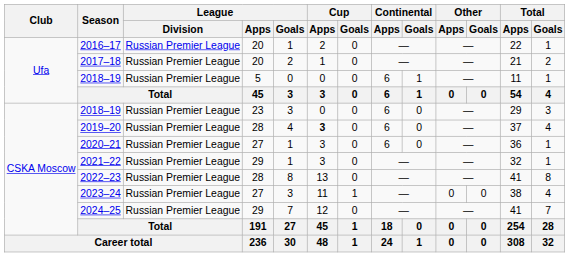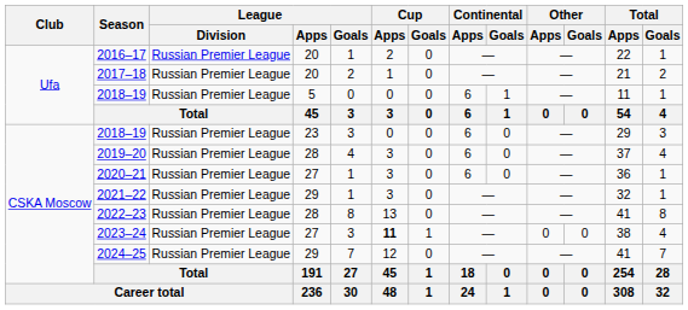 <table class="wikitable" style="text-align: center;">
 <tr>
 <th rowspan=2>Club</th>
 <th rowspan=2>Season</th>
 <th colspan=3>League</th>
 <th colspan=2>Cup</th>
 <th colspan=2>Continental</th>
 <th colspan=2>Other</th>
 <th colspan=2>Total</th>
 </tr>
 <tr>
 <th>Division</th>
 <th>Apps</th>
 <th>Goals</th>
 <th>Apps</th>
 <th>Goals</th>
 <th>Apps</th>
 <th>Goals</th>
 <th>Apps</th>
 <th>Goals</th>
 <th>Apps</th>
 <th>Goals</th>
 </tr>
 <tr>
 <td rowspan=4><a href='#'>Ufa</a></td>
 <td><a href='#'>2016–17</a></td>
 <td><a href='#'>Russian Premier League</a></td>
 <td>20</td>
 <td>1</td>
 <td>2</td>
 <td>0</td>
 <td colspan=2>—</td>
 <td colspan=2>—</td>
 <td>22</td>
 <td>1</td>
 </tr>
 <tr>
 <td><a href='#'>2017–18</a></td>
 <td>Russian Premier League</td>
 <td>20</td>
 <td>2</td>
 <td>1</td>
 <td>0</td>
 <td colspan=2>—</td>
 <td colspan=2>—</td>
 <td>21</td>
 <td>2</td>
 </tr>
 <tr>
 <td><a href='#'>2018–19</a></td>
 <td>Russian Premier League</td>
 <td>5</td>
 <td>0</td>
 <td>0</td>
 <td>0</td>
 <td>6</td>
 <td>1</td>
 <td colspan=2>—</td>
 <td>11</td>
 <td>1</td>
 </tr>
 <tr>
 <th colspan=2>Total</th>
 <th>45</th>
 <th>3</th>
 <th>3</th>
 <th>0</th>
 <th>6</th>
 <th>1</th>
 <th>0</th>
 <th>0</th>
 <th>54</th>
 <th>4</th>
 </tr>
 <tr>
 <td rowspan="8"><a href='#'>CSKA Moscow</a></td>
 <td><a href='#'>2018–19</a></td>
 <td>Russian Premier League</td>
 <td>23</td>
 <td>3</td>
 <td>0</td>
 <td>0</td>
 <td>6</td>
 <td>0</td>
 <td colspan=2>—</td>
 <td>29</td>
 <td>3</td>
 </tr>
 <tr>
 <td><a href='#'>2019–20</a></td>
 <td>Russian Premier League</td>
 <td>28</td>
 <td>4</td>
-<td><strong>3</strong></td>
+<td>3</td>
 <td>0</td>
 <td>6</td>
 <td>0</td>
 <td colspan=2>—</td>
 <td>37</td>
 <td>4</td>
 </tr>
 <tr>
 <td><a href='#'>2020–21</a></td>
 <td>Russian Premier League</td>
 <td>27</td>
 <td>1</td>
 <td>3</td>
 <td>0</td>
 <td>6</td>
 <td>0</td>
 <td colspan=2>—</td>
 <td>36</td>
 <td>1</td>
 </tr>
 <tr>
 <td><a href='#'>2021–22</a></td>
 <td>Russian Premier League</td>
 <td>29</td>
 <td>1</td>
 <td>3</td>
 <td>0</td>
 <td colspan="2">—</td>
 <td colspan=2>—</td>
 <td>32</td>
 <td>1</td>
 </tr>
 <tr>
 <td><a href='#'>2022–23</a></td>
 <td>Russian Premier League</td>
 <td>28</td>
 <td>8</td>
 <td>13</td>
 <td>0</td>
 <td colspan="2">—</td>
 <td colspan=2>—</td>
 <td>41</td>
 <td>8</td>
 </tr>
 <tr>
 <td><a href='#'>2023–24</a></td>
 <td>Russian Premier League</td>
 <td>27</td>
 <td>3</td>
-<td>11</td>
+<td><strong>11</strong></td>
 <td>1</td>
 <td colspan="2">—</td>
 <td>0</td>
 <td>0</td>
 <td>38</td>
 <td>4</td>
 </tr>
 <tr>
 <td><a href='#'>2024–25</a></td>
 <td>Russian Premier League</td>
 <td>29</td>
 <td>7</td>
 <td>12</td>
 <td>0</td>
 <td colspan="2">—</td>
 <td colspan="2">—</td>
 <td>41</td>
 <td>7</td>
 </tr>
 <tr>
 <th colspan="2">Total</th>
 <th>191</th>
 <th>27</th>
 <th>45</th>
 <th>1</th>
 <th>18</th>
 <th>0</th>
 <th>0</th>
 <th>0</th>
 <th>254</th>
 <th>28</th>
 </tr>
 <tr>
 <th colspan="3">Career total</th>
 <th>236</th>
 <th>30</th>
 <th>48</th>
 <th>1</th>
 <th>24</th>
 <th>1</th>
 <th>0</th>
 <th>0</th>
 <th>308</th>
 <th>32</th>
 </tr>
 </table>
